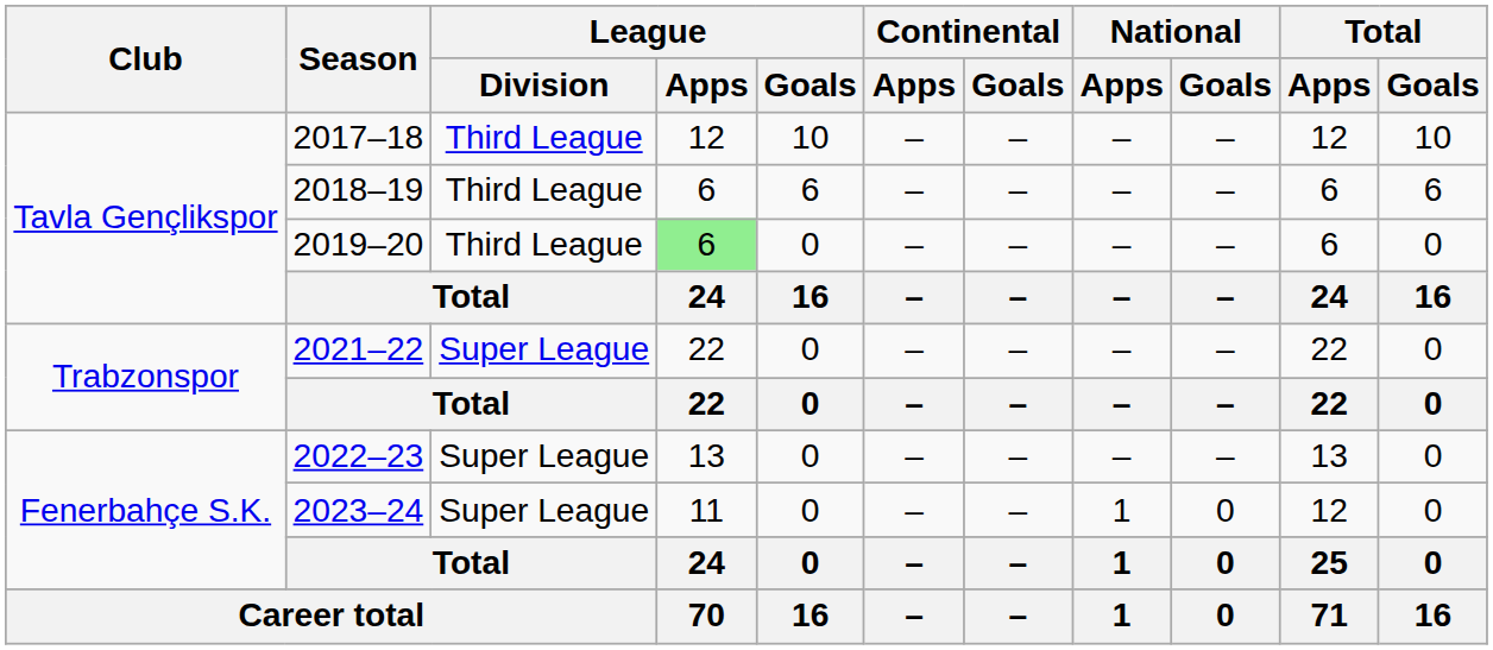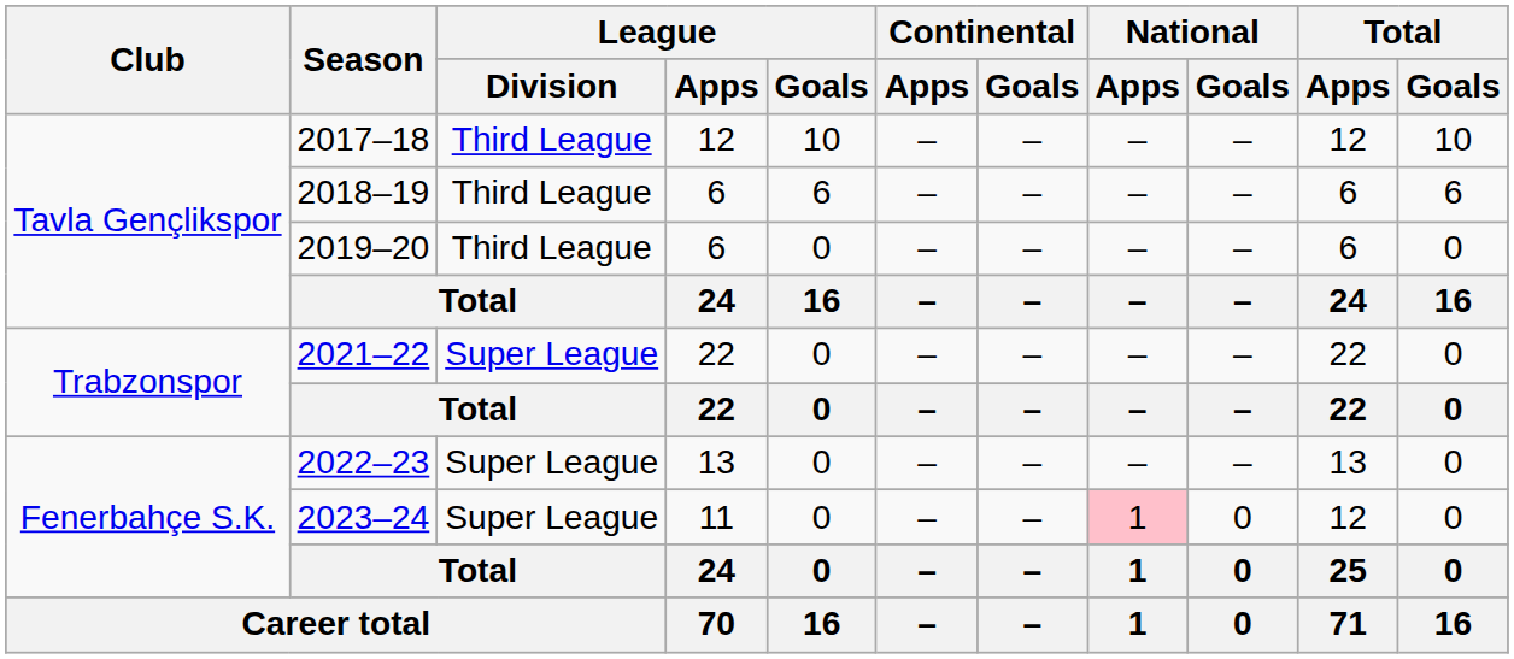 <table class="wikitable" style="text-align: center;">
 <tr>
 <th rowspan=2>Club</th>
 <th rowspan=2>Season</th>
 <th colspan=3>League</th>
 <th colspan=2>Continental</th>
 <th colspan=2>National</th>
 <th colspan=2>Total</th>
 </tr>
 <tr>
 <th>Division</th>
 <th>Apps</th>
 <th>Goals</th>
 <th>Apps</th>
 <th>Goals</th>
 <th>Apps</th>
 <th>Goals</th>
 <th>Apps</th>
 <th>Goals</th>
 </tr>
 <tr>
 <td rowspan=4><a href='#'>Tavla Gençlikspor</a></td>
 <td>2017–18</td>
 <td><a href='#'>Third League</a></td>
 <td>12</td>
 <td>10</td>
 <td>–</td>
 <td>–</td>
 <td>–</td>
 <td>–</td>
 <td>12</td>
 <td>10</td>
 </tr>
 <tr>
 <td>2018–19</td>
 <td>Third League</td>
 <td>6</td>
 <td>6</td>
 <td>–</td>
 <td>–</td>
 <td>–</td>
 <td>–</td>
 <td>6</td>
 <td>6</td>
 </tr>
 <tr>
 <td>2019–20</td>
 <td>Third League</td>
-<td style="background: lightgreen;">6</td>
+<td>6</td>
 <td>0</td>
 <td>–</td>
 <td>–</td>
 <td>–</td>
 <td>–</td>
 <td>6</td>
 <td>0</td>
 </tr>
 <tr>
 <th colspan=2>Total</th>
 <th>24</th>
 <th>16</th>
 <th>–</th>
 <th>–</th>
 <th>–</th>
 <th>–</th>
 <th>24</th>
 <th>16</th>
 </tr>
 <tr>
 <td rowspan=2><a href='#'>Trabzonspor</a></td>
 <td><a href='#'>2021–22</a></td>
 <td><a href='#'>Super League</a></td>
 <td>22</td>
 <td>0</td>
 <td>–</td>
 <td>–</td>
 <td>–</td>
 <td>–</td>
 <td>22</td>
 <td>0</td>
 </tr>
 <tr>
 <th colspan=2>Total</th>
 <th>22</th>
 <th>0</th>
 <th>–</th>
 <th>–</th>
 <th>–</th>
 <th>–</th>
 <th>22</th>
 <th>0</th>
 </tr>
 <tr>
 <td rowspan=3><a href='#'>Fenerbahçe S.K.</a></td>
 <td><a href='#'>2022–23</a></td>
 <td>Super League</td>
 <td>13</td>
 <td>0</td>
 <td>–</td>
 <td>–</td>
 <td>–</td>
 <td>–</td>
 <td>13</td>
 <td>0</td>
 </tr>
 <tr>
 <td><a href='#'>2023–24</a></td>
 <td>Super League</td>
 <td>11</td>
 <td>0</td>
 <td>–</td>
 <td>–</td>
-<td>1</td>
+<td style="background: pink;">1</td>
 <td>0</td>
 <td>12</td>
 <td>0</td>
 </tr>
 <tr>
 <th colspan=2>Total</th>
 <th>24</th>
 <th>0</th>
 <th>–</th>
 <th>–</th>
 <th>1</th>
 <th>0</th>
 <th>25</th>
 <th>0</th>
 </tr>
 <tr>
 <th colspan=3>Career total</th>
 <th>70</th>
 <th>16</th>
 <th>–</th>
 <th>–</th>
 <th>1</th>
 <th>0</th>
 <th>71</th>
 <th>16</th>
 </tr>
 </table>
